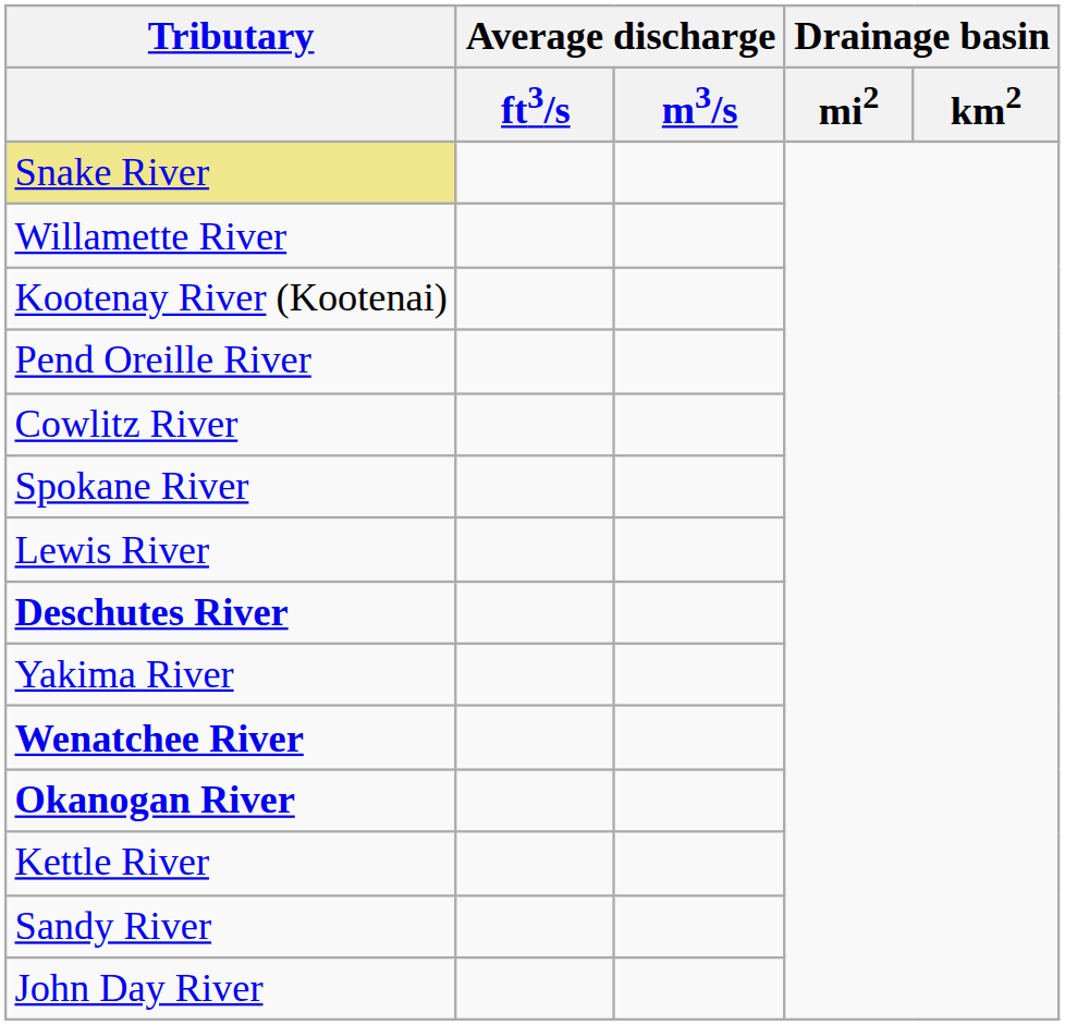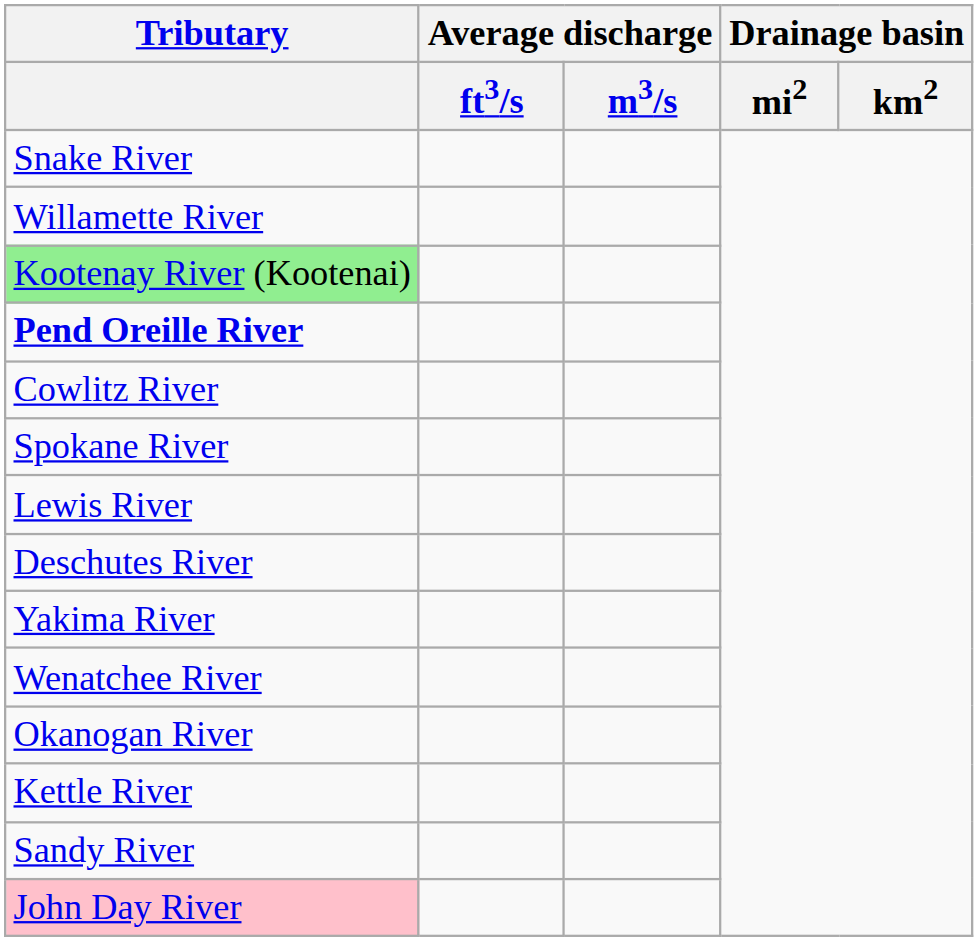 <table class="wikitable collapsible sortable state = uncollapsed">
 <tr>
 <th><a href='#'>Tributary</a></th>
 <th colspan=2>Average discharge</th>
 <th colspan=2>Drainage basin</th>
 </tr>
 <tr>
 <th></th>
 <th><a href='#'>ft<sup>3</sup>/s</a></th>
 <th><a href='#'>m<sup>3</sup>/s</a></th>
 <th>mi<sup>2</sup></th>
 <th>km<sup>2</sup></th>
 </tr>
 <tr>
-<td style="background: khaki;"><a href='#'>Snake River</a></td>
+<td><a href='#'>Snake River</a></td>
 <td></td>
 <td></td>
 </tr>
 <tr>
 <td><a href='#'>Willamette River</a></td>
 <td></td>
 <td></td>
 </tr>
 <tr>
-<td><a href='#'>Kootenay River</a> (Kootenai)</td>
+<td style="background: lightgreen;"><a href='#'>Kootenay River</a> (Kootenai)</td>
 <td></td>
 <td></td>
 </tr>
 <tr>
-<td><a href='#'>Pend Oreille River</a></td>
+<td><strong><a href='#'>Pend Oreille River</a></strong></td>
 <td></td>
 <td></td>
 </tr>
 <tr>
 <td><a href='#'>Cowlitz River</a></td>
 <td></td>
 <td></td>
 </tr>
 <tr>
 <td><a href='#'>Spokane River</a></td>
 <td></td>
 <td></td>
 </tr>
 <tr>
 <td><a href='#'>Lewis River</a></td>
 <td></td>
 <td></td>
 </tr>
 <tr>
-<td><strong><a href='#'>Deschutes River</a></strong></td>
+<td><a href='#'>Deschutes River</a></td>
 <td></td>
 <td></td>
 </tr>
 <tr>
 <td><a href='#'>Yakima River</a></td>
 <td></td>
 <td></td>
 </tr>
 <tr>
-<td><strong><a href='#'>Wenatchee River</a></strong></td>
+<td><a href='#'>Wenatchee River</a></td>
 <td></td>
 <td></td>
 </tr>
 <tr>
-<td><strong><a href='#'>Okanogan River</a></strong></td>
+<td><a href='#'>Okanogan River</a></td>
 <td></td>
 <td></td>
 </tr>
 <tr>
 <td><a href='#'>Kettle River</a></td>
 <td></td>
 <td></td>
 </tr>
 <tr>
 <td><a href='#'>Sandy River</a></td>
 <td></td>
 <td></td>
 </tr>
 <tr>
-<td><a href='#'>John Day River</a></td>
+<td style="background: pink;"><a href='#'>John Day River</a></td>
 <td></td>
 <td></td>
 </tr>
 </table>
